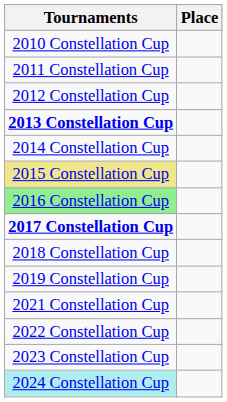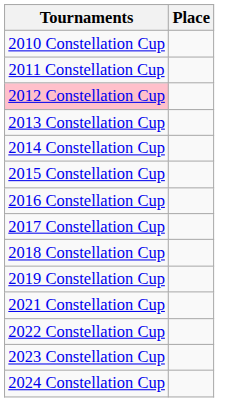 <table class="wikitable collapsible" style="text-align:center;">
 <tr style="background:silver;">
 <th>Tournaments</th>
 <th>Place</th>
 </tr>
 <tr>
 <td><a href='#'>2010 Constellation Cup</a></td>
 <td></td>
 </tr>
 <tr>
 <td><a href='#'>2011 Constellation Cup</a></td>
 <td></td>
 </tr>
 <tr>
-<td><a href='#'>2012 Constellation Cup</a></td>
+<td style="background: pink;"><a href='#'>2012 Constellation Cup</a></td>
 <td></td>
 </tr>
 <tr>
-<td><strong><a href='#'>2013 Constellation Cup</a></strong></td>
+<td><a href='#'>2013 Constellation Cup</a></td>
 <td></td>
 </tr>
 <tr>
 <td><a href='#'>2014 Constellation Cup</a></td>
 <td></td>
 </tr>
 <tr>
-<td style="background: khaki;"><a href='#'>2015 Constellation Cup</a></td>
+<td><a href='#'>2015 Constellation Cup</a></td>
 <td></td>
 </tr>
 <tr>
-<td style="background: lightgreen;"><a href='#'>2016 Constellation Cup</a></td>
+<td><a href='#'>2016 Constellation Cup</a></td>
 <td></td>
 </tr>
 <tr>
-<td><strong><a href='#'>2017 Constellation Cup</a></strong></td>
+<td><a href='#'>2017 Constellation Cup</a></td>
 <td></td>
 </tr>
 <tr>
 <td><a href='#'>2018 Constellation Cup</a></td>
 <td></td>
 </tr>
 <tr>
 <td><a href='#'>2019 Constellation Cup</a></td>
 <td></td>
 </tr>
 <tr>
 <td><a href='#'>2021 Constellation Cup</a></td>
 <td></td>
 </tr>
 <tr>
 <td><a href='#'>2022 Constellation Cup</a></td>
 <td></td>
 </tr>
 <tr>
 <td><a href='#'>2023 Constellation Cup</a></td>
 <td></td>
 </tr>
 <tr>
-<td style="background: paleturquoise;"><a href='#'>2024 Constellation Cup</a></td>
+<td><a href='#'>2024 Constellation Cup</a></td>
 <td></td>
 </tr>
 </table>
